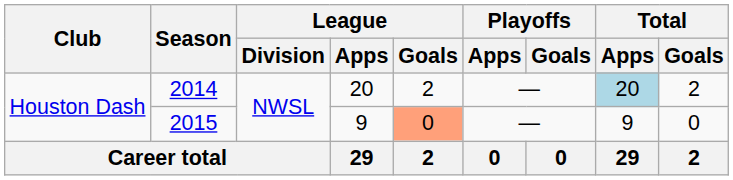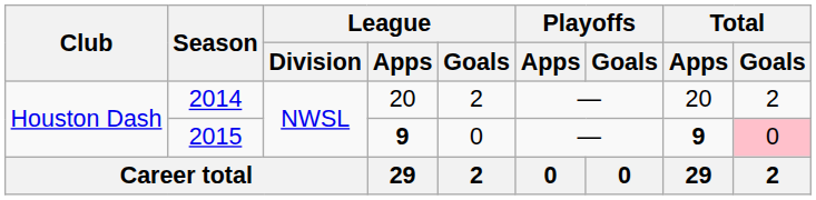 <table class="wikitable" style="text-align: center;">
 <tr>
 <th rowspan="2">Club</th>
 <th rowspan="2">Season</th>
 <th colspan="3">League</th>
 <th colspan="2">Playoffs</th>
 <th colspan="2">Total</th>
 </tr>
 <tr>
 <th>Division</th>
 <th>Apps</th>
 <th>Goals</th>
 <th>Apps</th>
 <th>Goals</th>
 <th>Apps</th>
 <th>Goals</th>
 </tr>
 <tr>
 <td rowspan="2"><a href='#'>Houston Dash</a></td>
 <td><a href='#'>2014</a></td>
 <td rowspan="2"><a href='#'>NWSL</a></td>
 <td>20</td>
 <td>2</td>
 <td colspan="2">—</td>
-<td style="background: lightblue;">20</td>
+<td>20</td>
 <td>2</td>
 </tr>
 <tr>
 <td><a href='#'>2015</a></td>
-<td>9</td>
-<td style="background: lightsalmon;">0</td>
+<td><strong>9</strong></td>
+<td>0</td>
 <td colspan="2">—</td>
-<td>9</td>
-<td>0</td>
+<td><strong>9</strong></td>
+<td style="background: pink;">0</td>
 </tr>
 <tr>
 <th colspan="3">Career total</th>
 <th>29</th>
 <th>2</th>
 <th>0</th>
 <th>0</th>
 <th>29</th>
 <th>2</th>
 </tr>
 </table>
